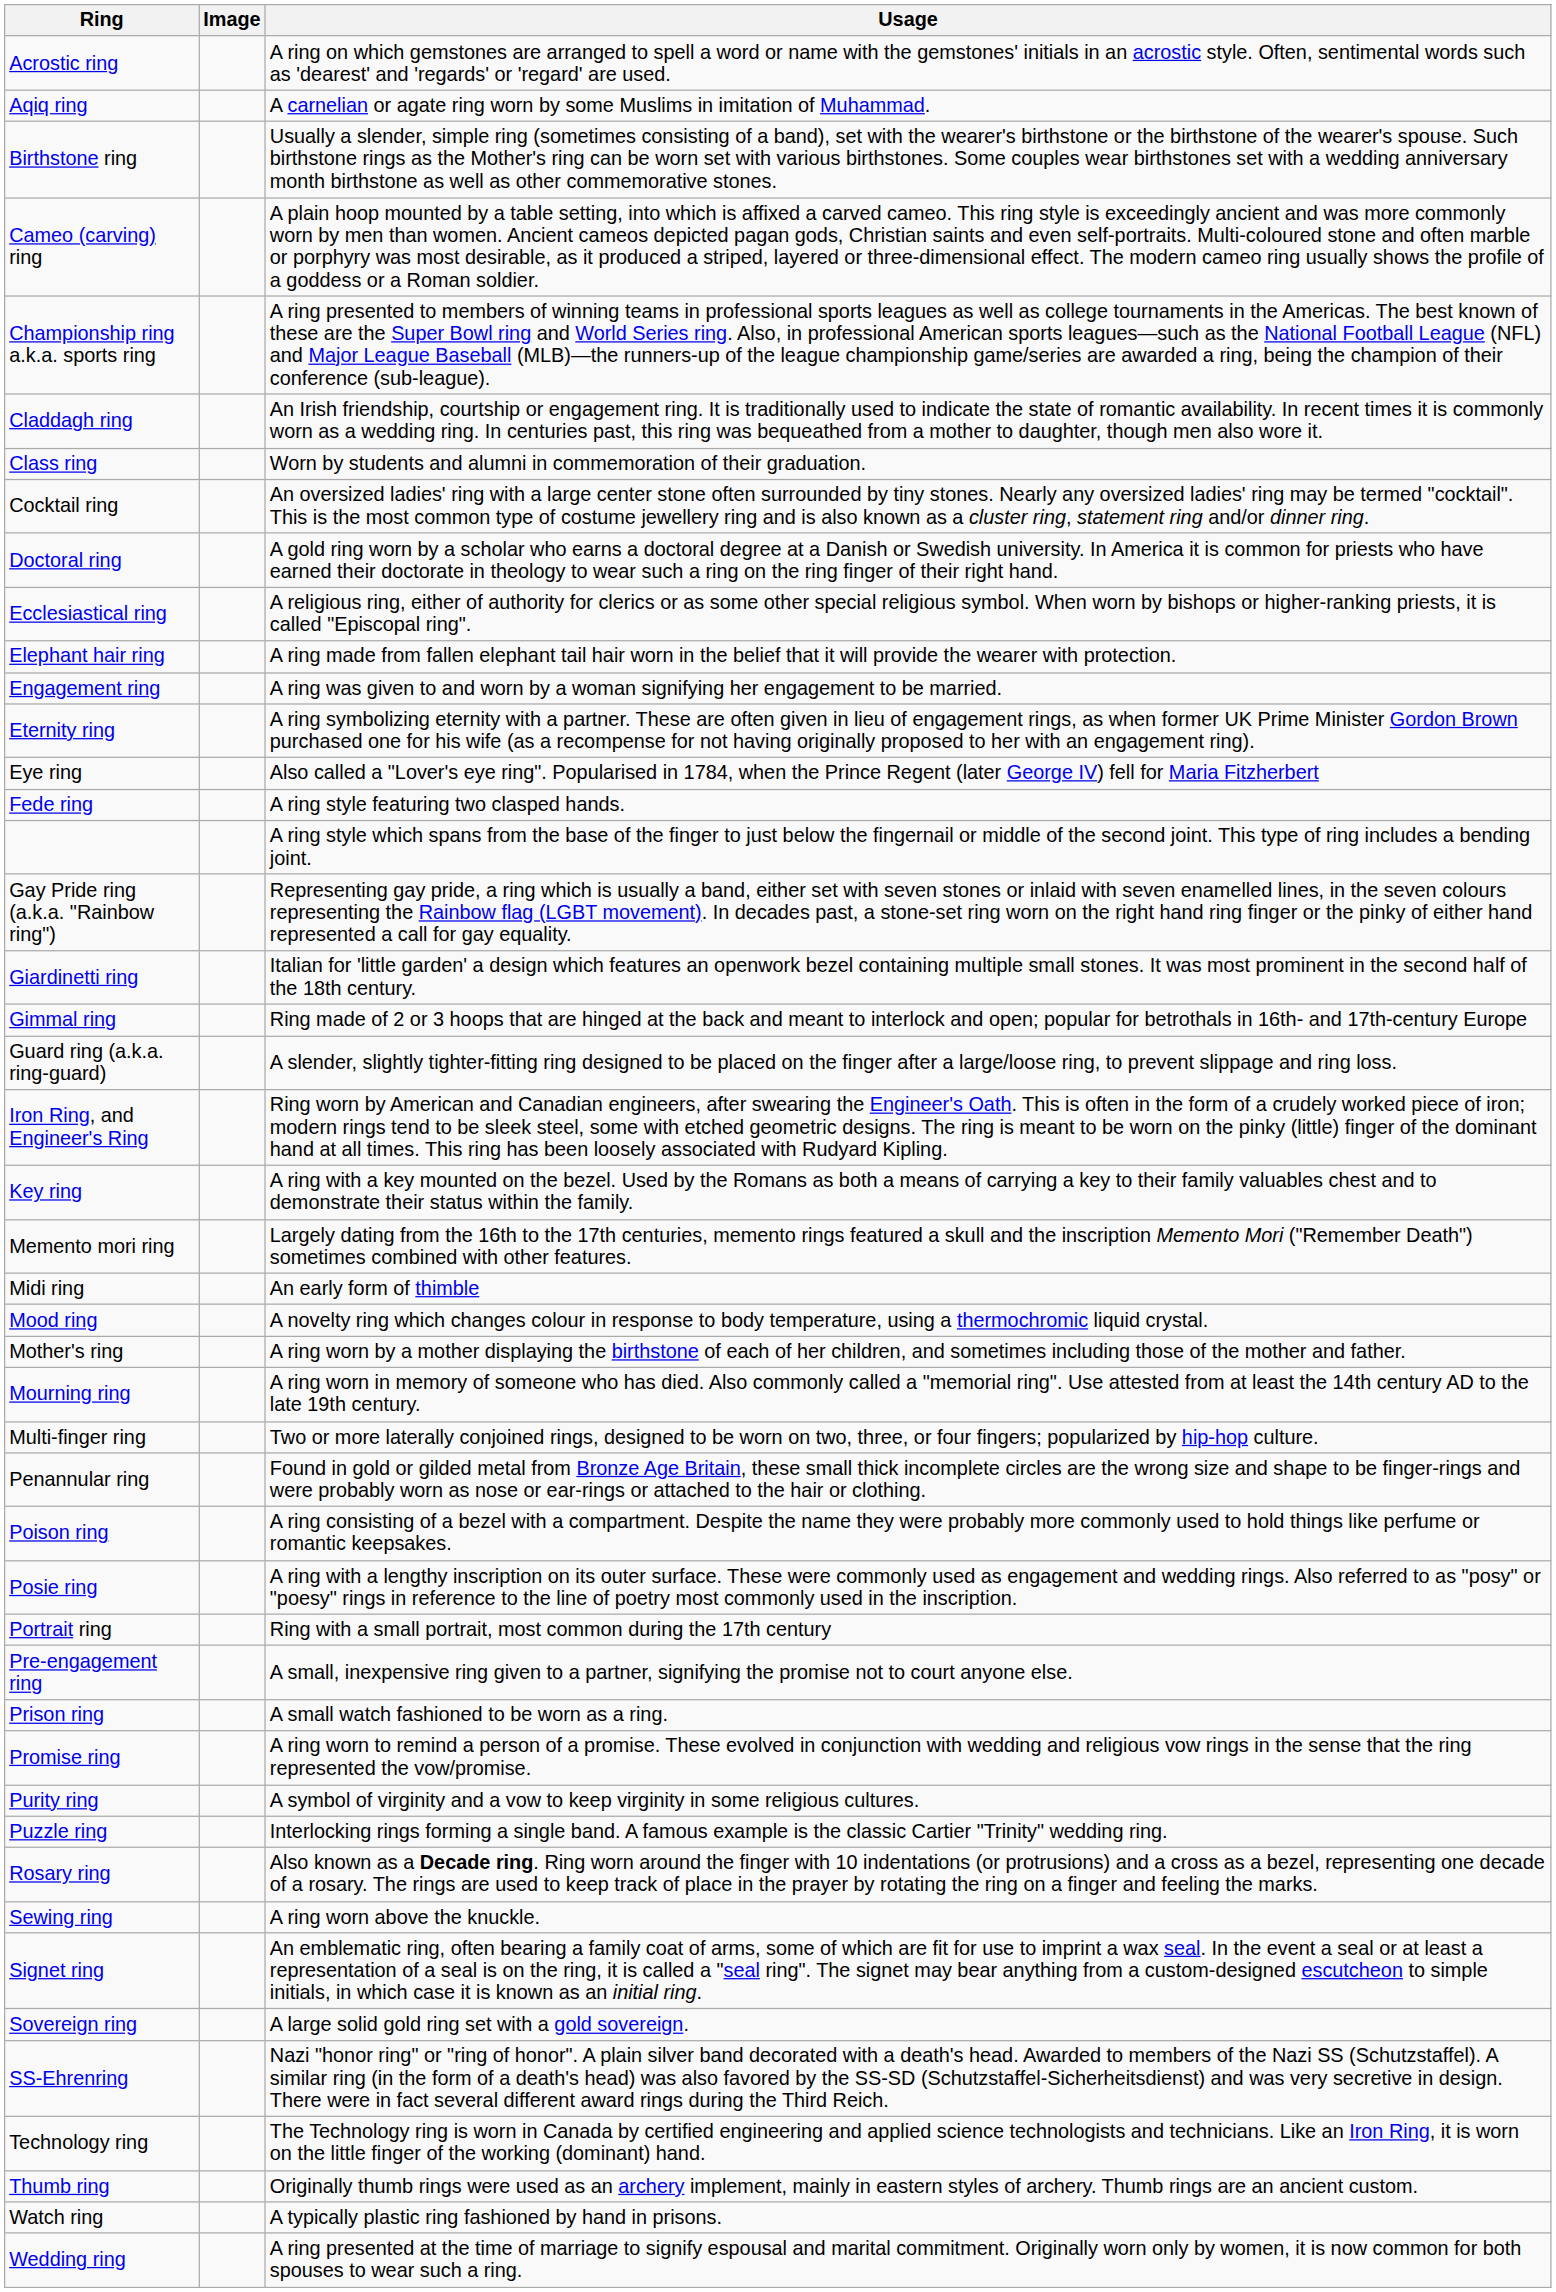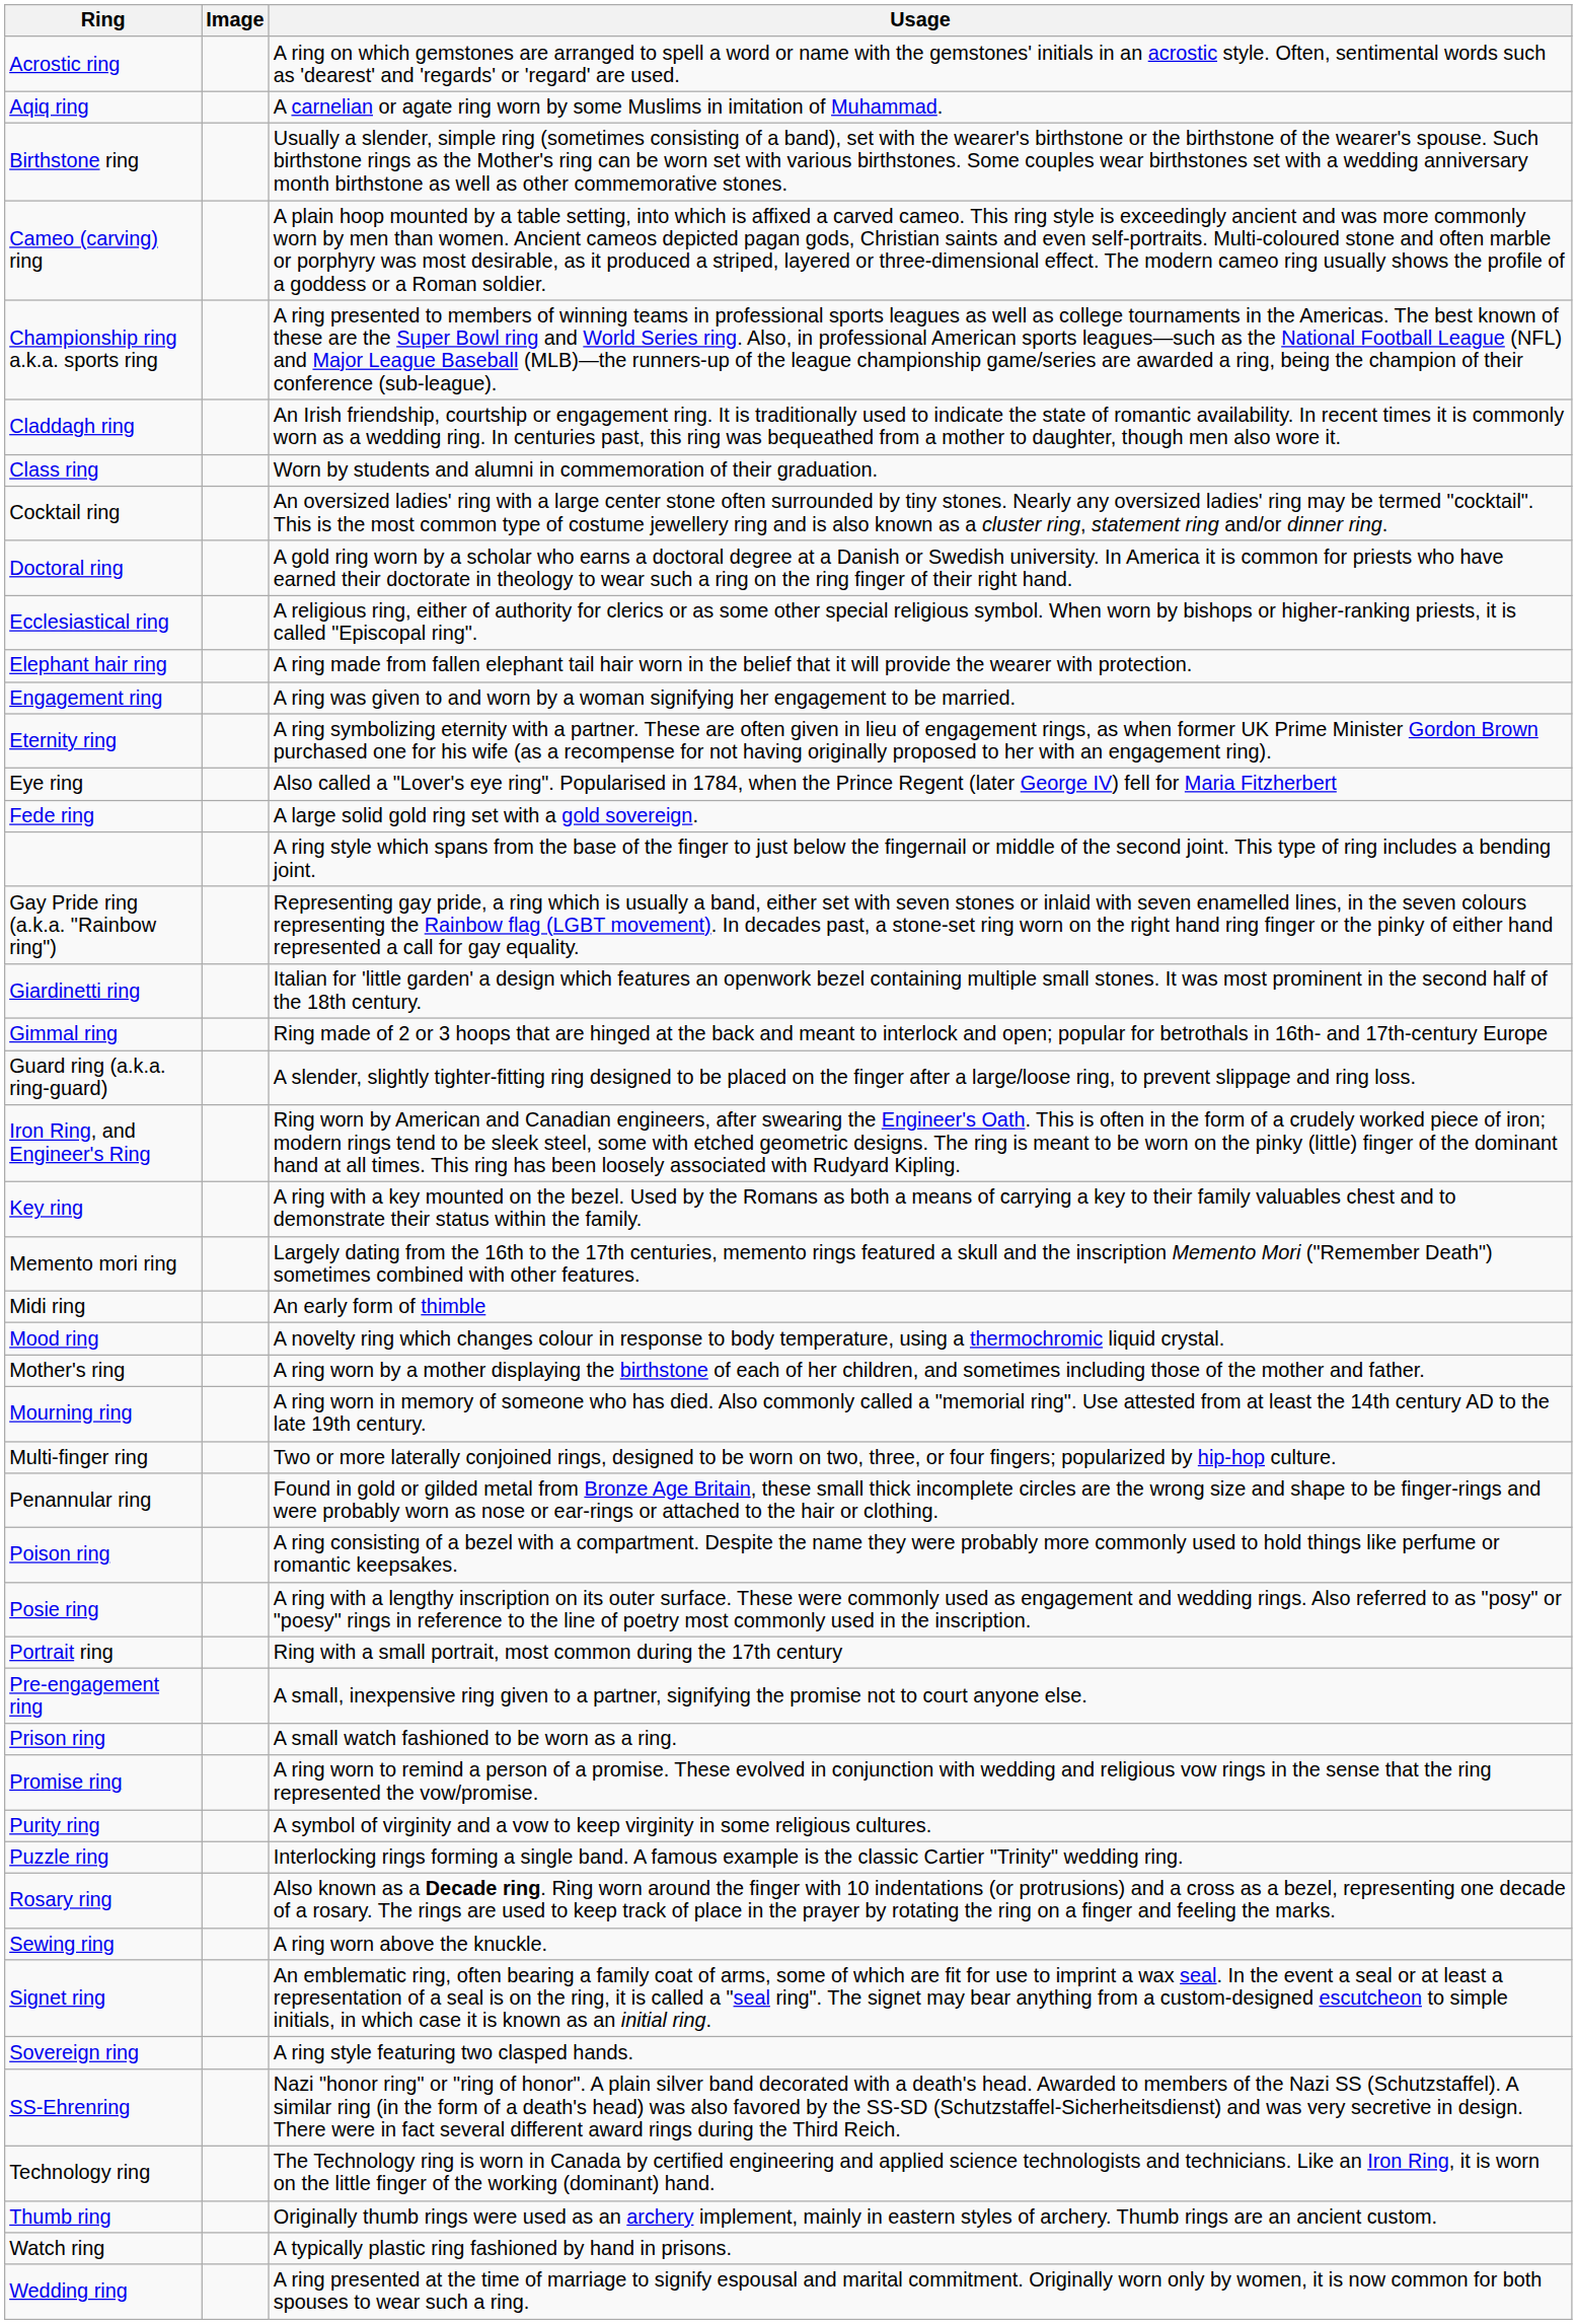 <table class="wikitable">
 <tr>
 <th>Ring</th>
 <th>Image</th>
 <th>Usage</th>
 </tr>
 <tr>
 <td><a href='#'>Acrostic ring</a></td>
 <td></td>
 <td>A ring on which gemstones are arranged to spell a word or name with the gemstones' initials in an <a href='#'>acrostic</a> style. Often, sentimental words such as 'dearest' and 'regards' or 'regard' are used.</td>
 </tr>
 <tr>
 <td><a href='#'>Aqiq ring</a></td>
 <td></td>
 <td>A <a href='#'>carnelian</a> or agate ring worn by some Muslims in imitation of <a href='#'>Muhammad</a>.</td>
 </tr>
 <tr>
 <td><a href='#'>Birthstone</a> ring</td>
 <td></td>
 <td>Usually a slender, simple ring (sometimes consisting of a band), set with the wearer's birthstone or the birthstone of the wearer's spouse. Such birthstone rings as the Mother's ring can be worn set with various birthstones. Some couples wear birthstones set with a wedding anniversary month birthstone as well as other commemorative stones.</td>
 </tr>
 <tr>
 <td><a href='#'>Cameo (carving)</a> ring</td>
 <td></td>
 <td>A plain hoop mounted by a table setting, into which is affixed a carved cameo. This ring style is exceedingly ancient and was more commonly worn by men than women. Ancient cameos depicted pagan gods, Christian saints and even self-portraits. Multi-coloured stone and often marble or porphyry was most desirable, as it produced a striped, layered or three-dimensional effect. The modern cameo ring usually shows the profile of a goddess or a Roman soldier.</td>
 </tr>
 <tr>
 <td><a href='#'>Championship ring</a> a.k.a. sports ring</td>
 <td></td>
 <td>A ring presented to members of winning teams in professional sports leagues as well as college tournaments in the Americas. The best known of these are the <a href='#'>Super Bowl ring</a> and <a href='#'>World Series ring</a>. Also, in professional American sports leagues—such as the <a href='#'>National Football League</a> (NFL) and <a href='#'>Major League Baseball</a> (MLB)—the runners-up of the league championship game/series are awarded a ring, being the champion of their conference (sub-league).</td>
 </tr>
 <tr>
 <td><a href='#'>Claddagh ring</a></td>
 <td></td>
 <td>An Irish friendship, courtship or engagement ring. It is traditionally used to indicate the state of romantic availability. In recent times it is commonly worn as a wedding ring. In centuries past, this ring was bequeathed from a mother to daughter, though men also wore it.</td>
 </tr>
 <tr>
 <td><a href='#'>Class ring</a></td>
 <td></td>
 <td>Worn by students and alumni in commemoration of their graduation.</td>
 </tr>
 <tr>
 <td>Cocktail ring</td>
 <td></td>
 <td>An oversized ladies' ring with a large center stone often surrounded by tiny stones. Nearly any oversized ladies' ring may be termed "cocktail". This is the most common type of costume jewellery ring and is also known as a <em>cluster ring</em>, <em>statement ring</em> and/or <em>dinner ring</em>.</td>
 </tr>
 <tr>
 <td><a href='#'>Doctoral ring</a></td>
 <td></td>
 <td>A gold ring worn by a scholar who earns a doctoral degree at a Danish or Swedish university. In America it is common for priests who have earned their doctorate in theology to wear such a ring on the ring finger of their right hand.</td>
 </tr>
 <tr>
 <td><a href='#'>Ecclesiastical ring</a></td>
 <td></td>
 <td>A religious ring, either of authority for clerics or as some other special religious symbol. When worn by bishops or higher-ranking priests, it is called "Episcopal ring".</td>
 </tr>
 <tr>
 <td><a href='#'>Elephant hair ring</a></td>
 <td></td>
 <td>A ring made from fallen elephant tail hair worn in the belief that it will provide the wearer with protection.</td>
 </tr>
 <tr>
 <td><a href='#'>Engagement ring</a></td>
 <td></td>
 <td>A ring was given to and worn by a woman signifying her engagement to be married.</td>
 </tr>
 <tr>
 <td><a href='#'>Eternity ring</a></td>
 <td></td>
 <td>A ring symbolizing eternity with a partner. These are often given in lieu of engagement rings, as when former UK Prime Minister <a href='#'>Gordon Brown</a> purchased one for his wife (as a recompense for not having originally proposed to her with an engagement ring).</td>
 </tr>
 <tr>
 <td>Eye ring</td>
 <td></td>
 <td>Also called a "Lover's eye ring". Popularised in 1784, when the Prince Regent (later <a href='#'>George IV</a>) fell for <a href='#'>Maria Fitzherbert</a></td>
 </tr>
 <tr>
 <td><a href='#'>Fede ring</a></td>
 <td></td>
-<td>A ring style featuring two clasped hands.</td>
+<td>A large solid gold ring set with a <a href='#'>gold sovereign</a>.</td>
 </tr>
 <tr>
 <td></td>
 <td></td>
 <td>A ring style which spans from the base of the finger to just below the fingernail or middle of the second joint. This type of ring includes a bending joint.</td>
 </tr>
 <tr>
 <td>Gay Pride ring (a.k.a. "Rainbow ring")</td>
 <td></td>
 <td>Representing gay pride, a ring which is usually a band, either set with seven stones or inlaid with seven enamelled lines, in the seven colours representing the <a href='#'>Rainbow flag (LGBT movement)</a>. In decades past, a stone-set ring worn on the right hand ring finger or the pinky of either hand represented a call for gay equality.</td>
 </tr>
 <tr>
 <td><a href='#'>Giardinetti ring</a></td>
 <td></td>
 <td>Italian for 'little garden' a design which features an openwork bezel containing multiple small stones. It was most prominent in the second half of the 18th century.</td>
 </tr>
 <tr>
 <td><a href='#'>Gimmal ring</a></td>
 <td></td>
 <td>Ring made of 2 or 3 hoops that are hinged at the back and meant to interlock and open; popular for betrothals in 16th- and 17th-century Europe</td>
 </tr>
 <tr>
 <td>Guard ring (a.k.a. ring-guard)</td>
 <td></td>
 <td>A slender, slightly tighter-fitting ring designed to be placed on the finger after a large/loose ring, to prevent slippage and ring loss.</td>
 </tr>
 <tr>
 <td><a href='#'>Iron Ring</a>, and <a href='#'>Engineer's Ring</a></td>
 <td></td>
 <td>Ring worn by American and Canadian engineers, after swearing the <a href='#'>Engineer's Oath</a>. This is often in the form of a crudely worked piece of iron; modern rings tend to be sleek steel, some with etched geometric designs. The ring is meant to be worn on the pinky (little) finger of the dominant hand at all times. This ring has been loosely associated with Rudyard Kipling.</td>
 </tr>
 <tr>
 <td><a href='#'>Key ring</a></td>
 <td></td>
 <td>A ring with a key mounted on the bezel. Used by the Romans as both a means of carrying a key to their family valuables chest and to demonstrate their status within the family.</td>
 </tr>
 <tr>
 <td>Memento mori ring</td>
 <td></td>
 <td>Largely dating from the 16th to the 17th centuries, memento rings featured a skull and the inscription <em>Memento Mori</em> ("Remember Death") sometimes combined with other features.</td>
 </tr>
 <tr>
 <td>Midi ring</td>
 <td></td>
 <td>An early form of <a href='#'>thimble</a></td>
 </tr>
 <tr>
 <td><a href='#'>Mood ring</a></td>
 <td></td>
 <td>A novelty ring which changes colour in response to body temperature, using a <a href='#'>thermochromic</a> liquid crystal.</td>
 </tr>
 <tr>
 <td>Mother's ring</td>
 <td></td>
 <td>A ring worn by a mother displaying the <a href='#'>birthstone</a> of each of her children, and sometimes including those of the mother and father.</td>
 </tr>
 <tr>
 <td><a href='#'>Mourning ring</a></td>
 <td></td>
 <td>A ring worn in memory of someone who has died. Also commonly called a "memorial ring". Use attested from at least the 14th century AD to the late 19th century.</td>
 </tr>
 <tr>
 <td>Multi-finger ring</td>
 <td></td>
 <td>Two or more laterally conjoined rings, designed to be worn on two, three, or four fingers; popularized by <a href='#'>hip-hop</a> culture.</td>
 </tr>
 <tr>
 <td>Penannular ring</td>
 <td></td>
 <td>Found in gold or gilded metal from <a href='#'>Bronze Age Britain</a>, these small thick incomplete circles are the wrong size and shape to be finger-rings and were probably worn as nose or ear-rings or attached to the hair or clothing.</td>
 </tr>
 <tr>
 <td><a href='#'>Poison ring</a></td>
 <td></td>
 <td>A ring consisting of a bezel with a compartment. Despite the name they were probably more commonly used to hold things like perfume or romantic keepsakes.</td>
 </tr>
 <tr>
 <td><a href='#'>Posie ring</a></td>
 <td></td>
 <td>A ring with a lengthy inscription on its outer surface. These were commonly used as engagement and wedding rings. Also referred to as "posy" or "poesy" rings in reference to the line of poetry most commonly used in the inscription.</td>
 </tr>
 <tr>
 <td><a href='#'>Portrait</a> ring</td>
 <td></td>
 <td>Ring with a small portrait, most common during the 17th century</td>
 </tr>
 <tr>
 <td><a href='#'>Pre-engagement ring</a></td>
 <td></td>
 <td>A small, inexpensive ring given to a partner, signifying the promise not to court anyone else.</td>
 </tr>
 <tr>
 <td><a href='#'>Prison ring</a></td>
 <td></td>
 <td>A small watch fashioned to be worn as a ring.</td>
 </tr>
 <tr>
 <td><a href='#'>Promise ring</a></td>
 <td></td>
 <td>A ring worn to remind a person of a promise. These evolved in conjunction with wedding and religious vow rings in the sense that the ring represented the vow/promise.</td>
 </tr>
 <tr>
 <td><a href='#'>Purity ring</a></td>
 <td></td>
 <td>A symbol of virginity and a vow to keep virginity in some religious cultures.</td>
 </tr>
 <tr>
 <td><a href='#'>Puzzle ring</a></td>
 <td></td>
 <td>Interlocking rings forming a single band. A famous example is the classic Cartier "Trinity" wedding ring.</td>
 </tr>
 <tr>
 <td><a href='#'>Rosary ring</a></td>
 <td></td>
 <td>Also known as a <strong>Decade ring</strong>. Ring worn around the finger with 10 indentations (or protrusions) and a cross as a bezel, representing one decade of a rosary. The rings are used to keep track of place in the prayer by rotating the ring on a finger and feeling the marks.</td>
 </tr>
 <tr>
 <td><a href='#'>Sewing ring</a></td>
 <td></td>
 <td>A ring worn above the knuckle.</td>
 </tr>
 <tr>
 <td><a href='#'>Signet ring</a></td>
 <td><br></td>
 <td>An emblematic ring, often bearing a family coat of arms, some of which are fit for use to imprint a wax <a href='#'>seal</a>. In the event a seal or at least a representation of a seal is on the ring, it is called a "<a href='#'>seal</a> ring". The signet may bear anything from a custom-designed <a href='#'>escutcheon</a> to simple initials, in which case it is known as an <em>initial ring</em>.</td>
 </tr>
 <tr>
 <td><a href='#'>Sovereign ring</a></td>
 <td></td>
-<td>A large solid gold ring set with a <a href='#'>gold sovereign</a>.</td>
+<td>A ring style featuring two clasped hands.</td>
 </tr>
 <tr>
 <td><a href='#'>SS-Ehrenring</a></td>
 <td></td>
 <td>Nazi "honor ring" or "ring of honor". A plain silver band decorated with a death's head. Awarded to members of the Nazi SS (Schutzstaffel). A similar ring (in the form of a death's head) was also favored by the SS-SD (Schutzstaffel-Sicherheitsdienst) and was very secretive in design. There were in fact several different award rings during the Third Reich.</td>
 </tr>
 <tr>
 <td>Technology ring</td>
 <td></td>
 <td>The Technology ring is worn in Canada by certified engineering and applied science technologists and technicians. Like an <a href='#'>Iron Ring</a>, it is worn on the little finger of the working (dominant) hand.</td>
 </tr>
 <tr>
 <td><a href='#'>Thumb ring</a></td>
 <td></td>
 <td>Originally thumb rings were used as an <a href='#'>archery</a> implement, mainly in eastern styles of archery. Thumb rings are an ancient custom.</td>
 </tr>
 <tr>
 <td>Watch ring</td>
 <td></td>
 <td>A typically plastic ring fashioned by hand in prisons.</td>
 </tr>
 <tr>
 <td><a href='#'>Wedding ring</a></td>
 <td></td>
 <td>A ring presented at the time of marriage to signify espousal and marital commitment. Originally worn only by women, it is now common for both spouses to wear such a ring.</td>
 </tr>
 </table>
